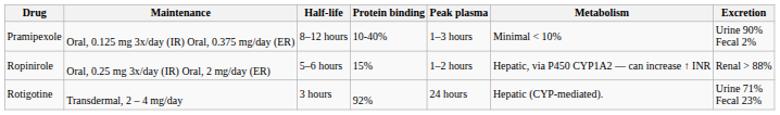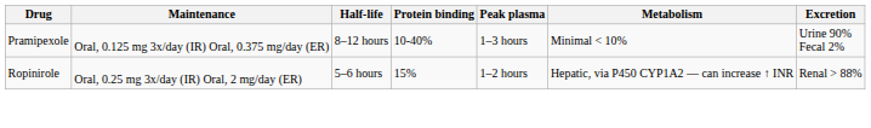 <table class="wikitable">
 <tr>
 <th>Drug</th>
 <th>Maintenance</th>
 <th>Half-life</th>
 <th>Protein binding</th>
 <th>Peak plasma</th>
 <th>Metabolism</th>
 <th>Excretion</th>
 </tr>
 <tr>
 <td>Pramipexole</td>
 <td><br>Oral, 0.125 mg 3x/day (IR) Oral, 0.375 mg/day (ER) <br></td>
 <td>8–12 hours</td>
 <td>10-40%</td>
 <td>1–3 hours</td>
 <td>Minimal < 10%</td>
 <td>Urine 90%<br>Fecal 2%</td>
 </tr>
 <tr>
 <td>Ropinirole</td>
 <td><br>Oral, 0.25 mg 3x/day (IR) Oral, 2 mg/day (ER) <br></td>
 <td>5–6 hours</td>
 <td>15%</td>
 <td>1–2 hours</td>
 <td>Hepatic, via P450 CYP1A2 — can increase ↑ INR</td>
 <td>Renal > 88%</td>
 </tr>
-<tr>
-<td>Rotigotine</td>
-<td><br>Transdermal, 2 – 4 mg/day <br></td>
-<td>3 hours</td>
-<td><br>92%  <br></td>
-<td>24 hours</td>
-<td>Hepatic (CYP-mediated).</td>
-<td>Urine 71%<br>Fecal 23%</td>
-</tr>
 </table>
